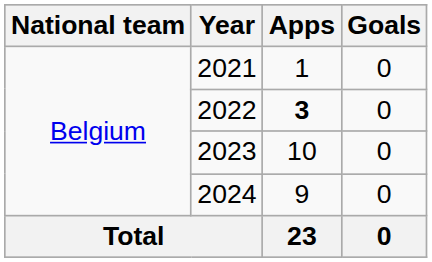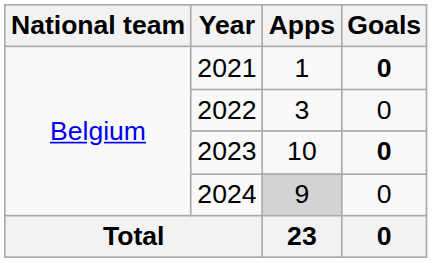 <table class="wikitable" style="text-align: center;">
 <tr>
 <th>National team</th>
 <th>Year</th>
 <th>Apps</th>
 <th>Goals</th>
 </tr>
 <tr>
 <td rowspan="4"><a href='#'>Belgium</a></td>
 <td>2021</td>
 <td>1</td>
-<td>0</td>
+<td><strong>0</strong></td>
 </tr>
 <tr>
 <td>2022</td>
-<td><strong>3</strong></td>
+<td>3</td>
 <td>0</td>
 </tr>
 <tr>
 <td>2023</td>
 <td>10</td>
-<td>0</td>
+<td><strong>0</strong></td>
 </tr>
 <tr>
 <td>2024</td>
-<td>9</td>
+<td style="background: lightgrey;">9</td>
 <td>0</td>
 </tr>
 <tr>
 <th colspan="2">Total</th>
 <th>23</th>
 <th>0</th>
 </tr>
 </table>
